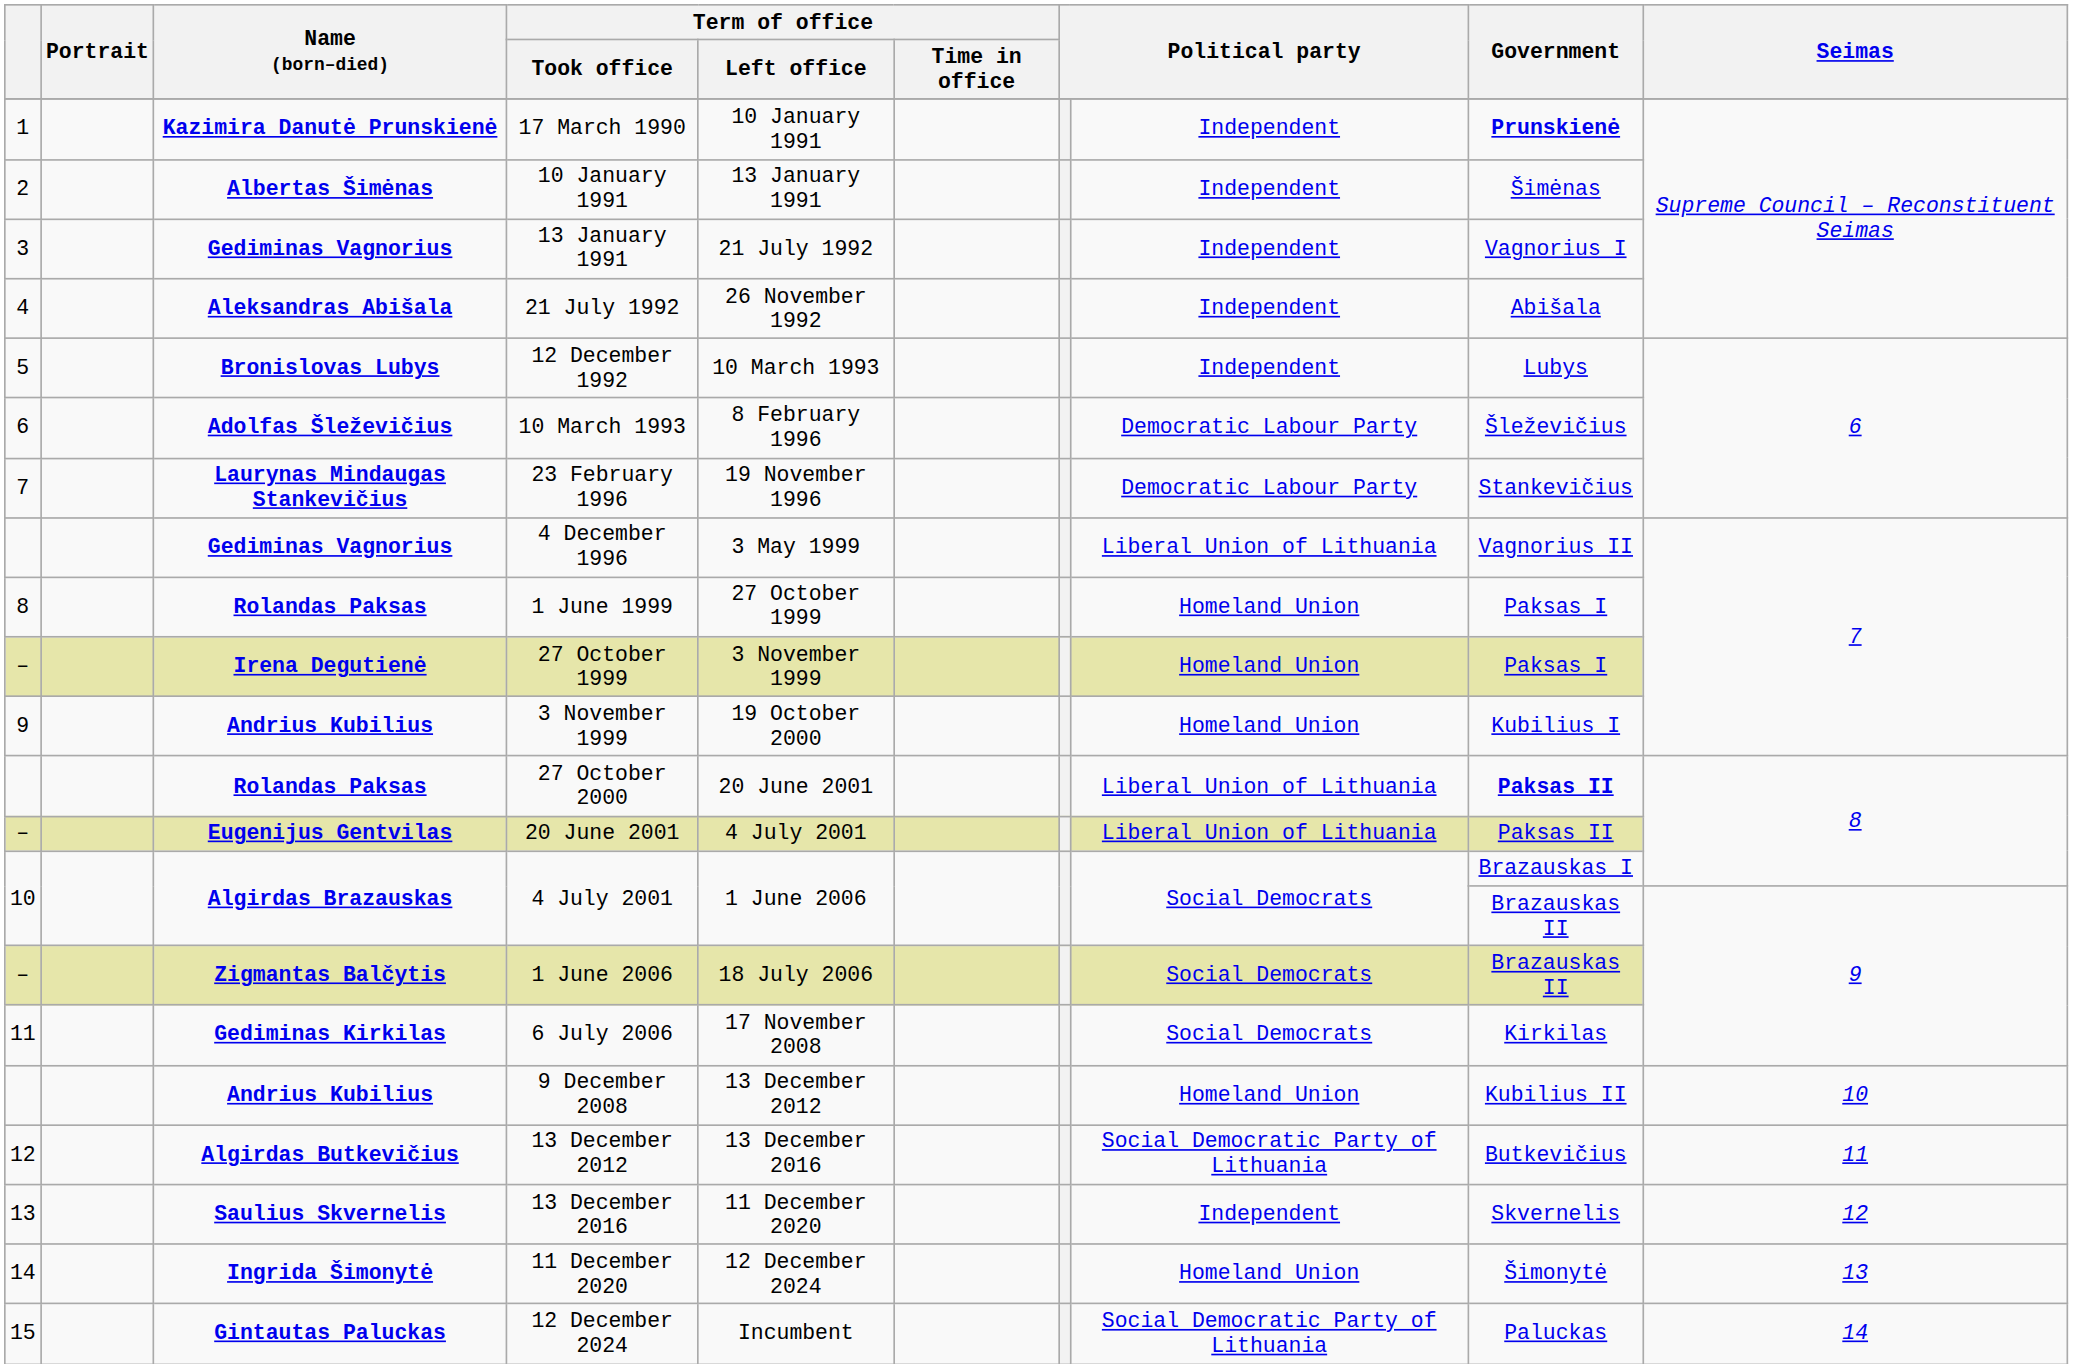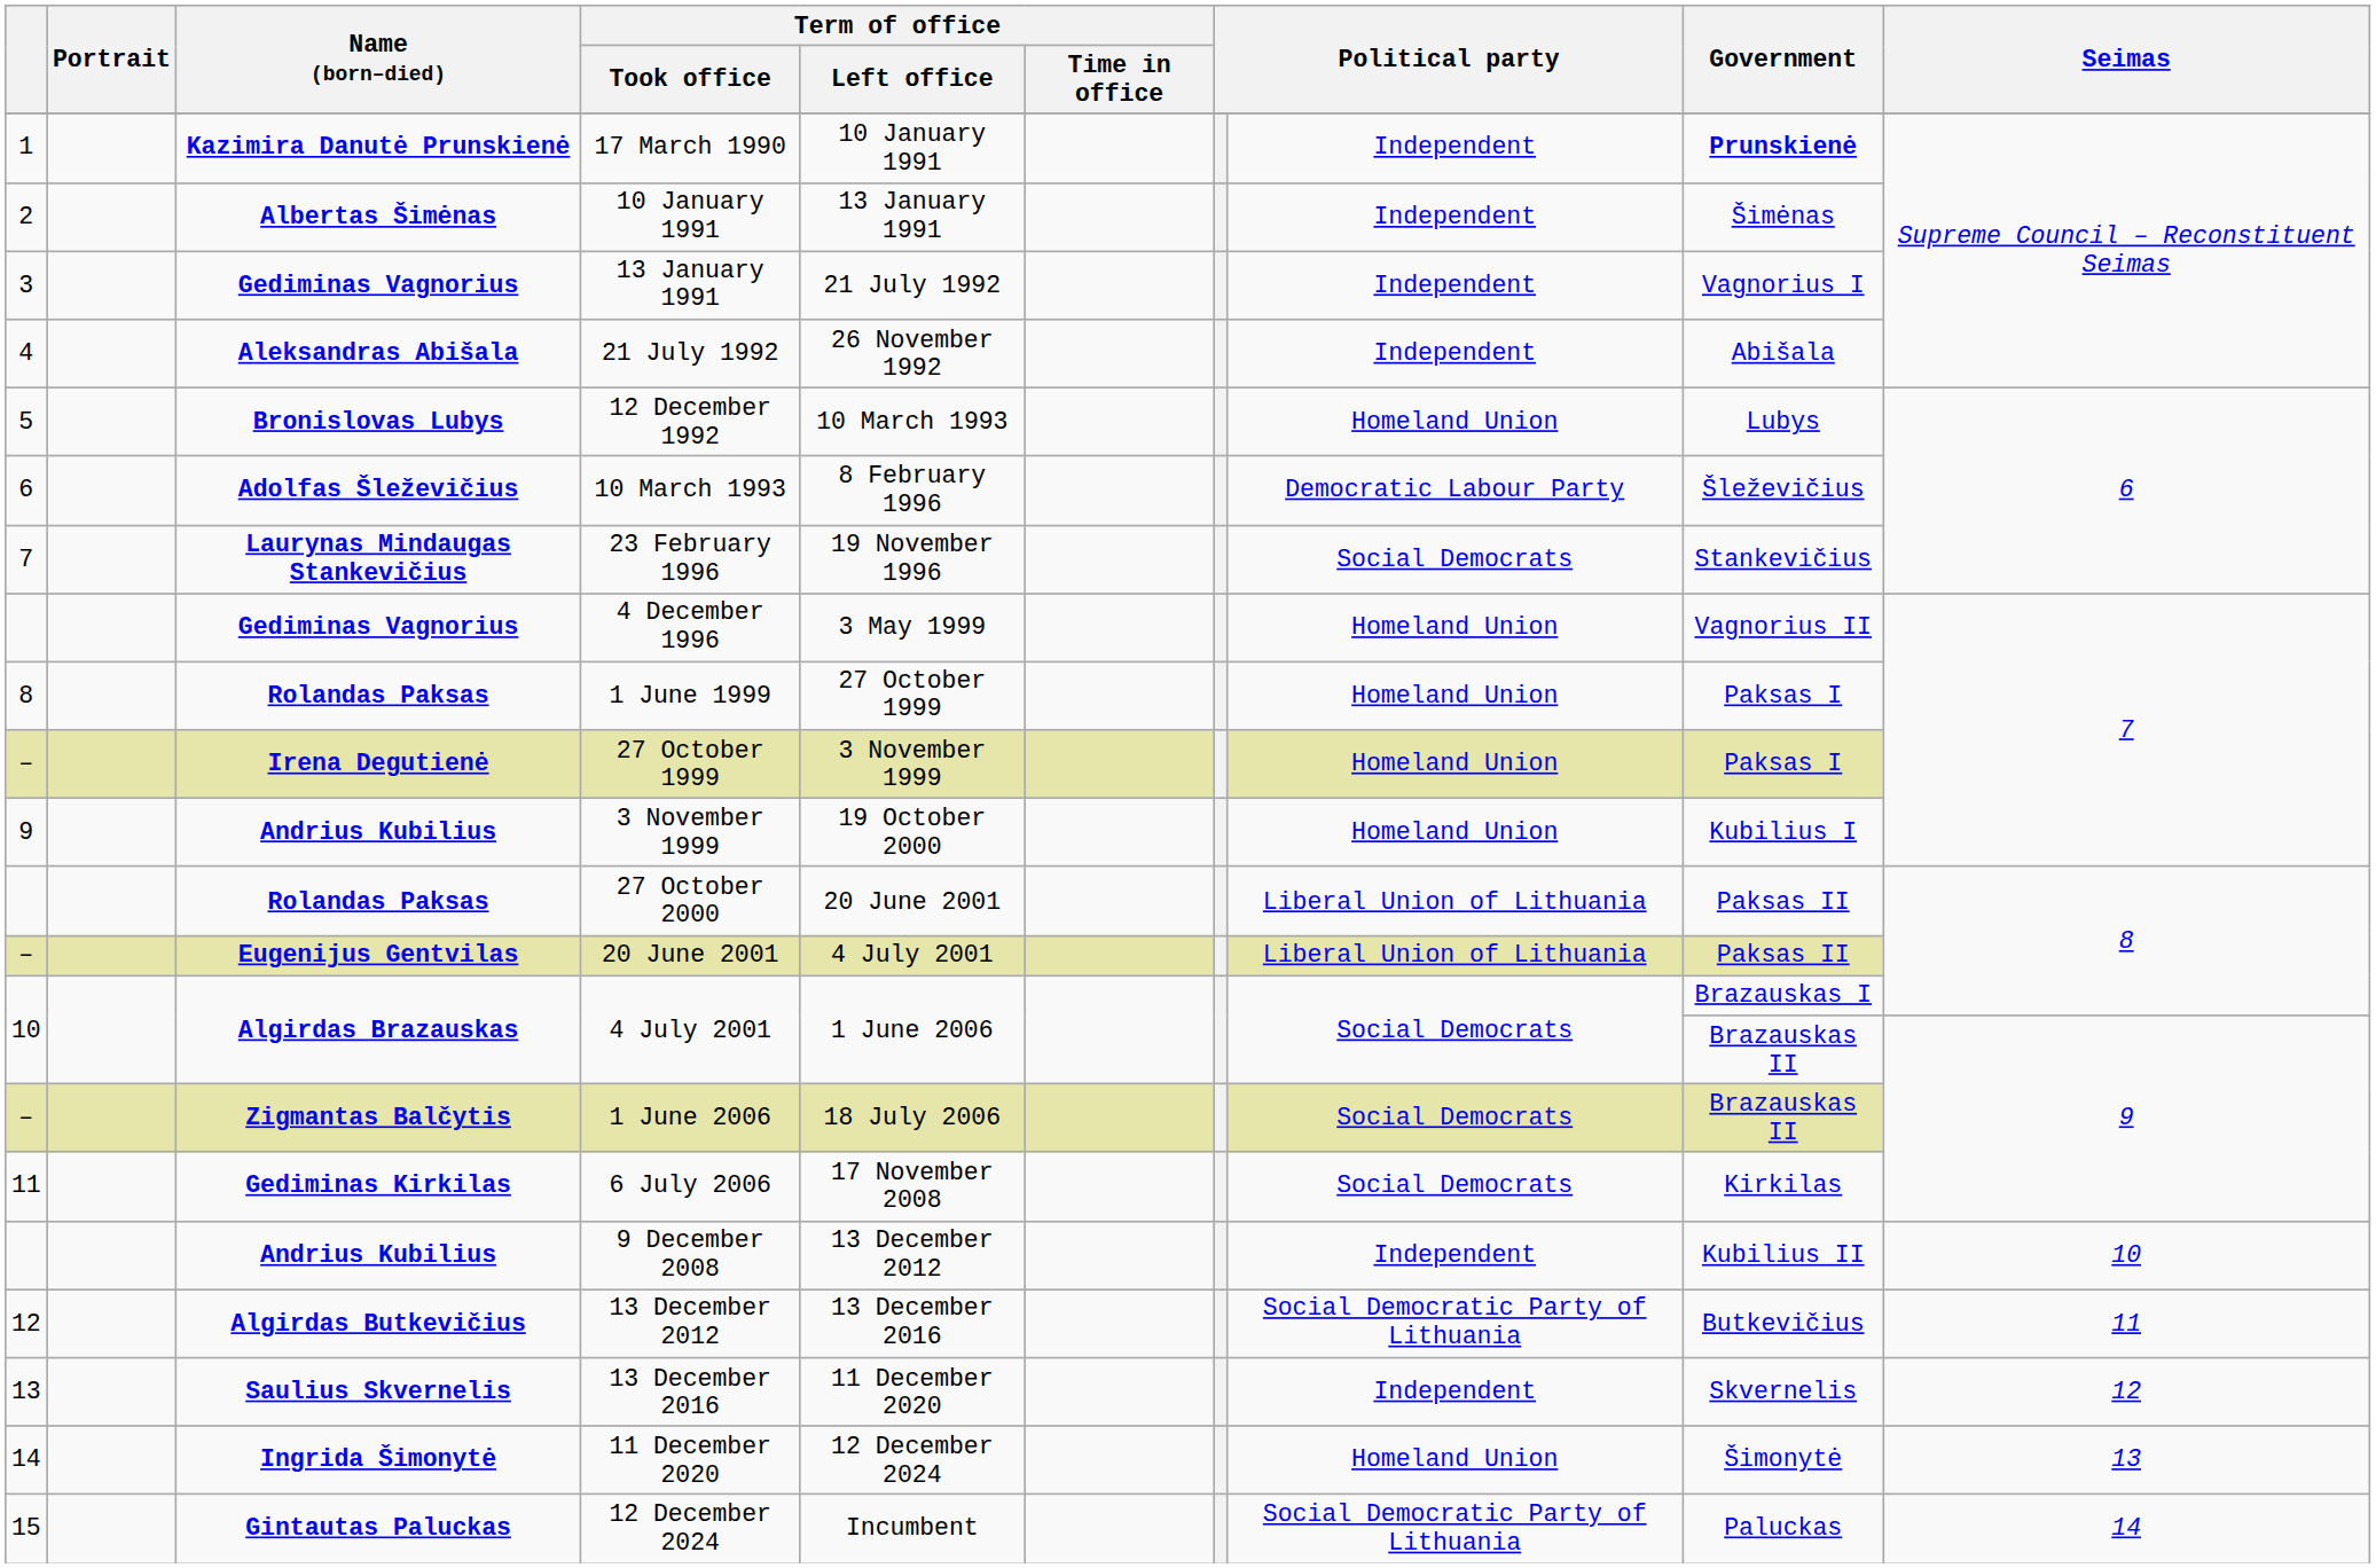 <table class="wikitable" style="text-align:center;">
 <tr>
 <th rowspan=2></th>
 <th rowspan=2>Portrait</th>
 <th rowspan=2>Name<br><small>(born–died)</small></th>
 <th colspan=3>Term of office</th>
 <th colspan=2 rowspan=2>Political party</th>
 <th rowspan=2>Government<br></th>
 <th rowspan=2><a href='#'>Seimas</a></th>
 </tr>
 <tr>
 <th>Took office</th>
 <th>Left office</th>
 <th>Time in office</th>
 </tr>
 <tr>
 </tr>
 <tr>
 <td>1</td>
 <td></td>
 <td><strong><a href='#'>Kazimira Danutė Prunskienė</a></strong><br></td>
 <td>17 March 1990</td>
 <td>10 January 1991</td>
 <td></td>
 <th style="background:"></th>
 <td><a href='#'>Independent</a><br></td>
 <td><strong><a href='#'>Prunskienė</a><br></strong></td>
 <td rowspan=4><em><a href='#'>Supreme Council – Reconstituent Seimas</a></em> </td>
 </tr>
 <tr>
 <td>2</td>
 <td></td>
 <td><strong><a href='#'>Albertas Šimėnas</a></strong><br></td>
 <td>10 January 1991</td>
 <td>13 January 1991</td>
 <td></td>
 <th style="background:"></th>
 <td><a href='#'>Independent</a><br></td>
 <td><a href='#'>Šimėnas</a><br></td>
 </tr>
 <tr>
 <td>3</td>
 <td></td>
 <td><strong><a href='#'>Gediminas Vagnorius</a></strong><br></td>
 <td>13 January 1991</td>
 <td>21 July 1992</td>
 <td></td>
 <th style="background:"></th>
 <td><a href='#'>Independent</a><br></td>
 <td><a href='#'>Vagnorius I</a><br></td>
 </tr>
 <tr>
 <td>4</td>
 <td></td>
 <td><strong><a href='#'>Aleksandras Abišala</a></strong><br></td>
 <td>21 July 1992</td>
 <td>26 November 1992</td>
 <td></td>
 <th style="background:"></th>
 <td><a href='#'>Independent</a><br></td>
 <td><a href='#'>Abišala</a><br></td>
 </tr>
 <tr>
 <td>5</td>
 <td></td>
 <td><strong><a href='#'>Bronislovas Lubys</a></strong><br></td>
 <td>12 December 1992</td>
 <td>10 March 1993</td>
 <td></td>
 <th style="background:"></th>
-<td><a href='#'>Independent</a><br></td>
+<td><a href='#'>Homeland Union</a><br></td>
 <td><a href='#'>Lubys</a><br></td>
 <td rowspan=3><em><a href='#'>6</a></em> </td>
 </tr>
 <tr>
 <td>6</td>
 <td></td>
 <td><strong><a href='#'>Adolfas Šleževičius</a></strong><br></td>
 <td>10 March 1993</td>
 <td>8 February 1996</td>
 <td></td>
 <th style="background:"></th>
 <td><a href='#'>Democratic Labour Party</a><br></td>
 <td><a href='#'>Šleževičius</a><br></td>
 </tr>
 <tr>
 <td>7</td>
 <td></td>
 <td><strong><a href='#'>Laurynas Mindaugas Stankevičius</a></strong><br></td>
 <td>23 February 1996</td>
 <td>19 November 1996</td>
 <td></td>
 <th style="background:"></th>
-<td><a href='#'>Democratic Labour Party</a><br></td>
+<td><a href='#'>Social Democrats</a><br></td>
 <td><a href='#'>Stankevičius</a><br></td>
 </tr>
 <tr>
 <td></td>
 <td></td>
 <td><strong><a href='#'>Gediminas Vagnorius</a></strong><br></td>
 <td>4 December 1996</td>
 <td>3 May 1999</td>
 <td></td>
 <th style="background:"></th>
-<td><a href='#'>Liberal Union of Lithuania</a><br></td>
+<td><a href='#'>Homeland Union</a><br></td>
 <td><a href='#'>Vagnorius II</a><br></td>
 <td rowspan=4><em><a href='#'>7</a></em> </td>
 </tr>
 <tr>
 <td>8</td>
 <td></td>
 <td><strong><a href='#'>Rolandas Paksas</a></strong><br></td>
 <td>1 June 1999</td>
 <td>27 October 1999</td>
 <td></td>
 <th style="background:"></th>
 <td><a href='#'>Homeland Union</a><br></td>
 <td><a href='#'>Paksas I</a><br></td>
 </tr>
 <tr style="background:#e6e6aa;">
 <td>–</td>
 <td></td>
 <td><strong><a href='#'>Irena Degutienė</a></strong><br></td>
 <td>27 October 1999</td>
 <td>3 November 1999</td>
 <td></td>
 <th style="background:"></th>
 <td><a href='#'>Homeland Union</a><br></td>
 <td><a href='#'>Paksas I</a><br></td>
 </tr>
 <tr>
 <td>9</td>
 <td></td>
 <td><strong><a href='#'>Andrius Kubilius</a></strong><br></td>
 <td>3 November 1999</td>
 <td>19 October 2000</td>
 <td></td>
 <th style="background:"></th>
 <td><a href='#'>Homeland Union</a><br></td>
 <td><a href='#'>Kubilius I</a><br></td>
 </tr>
 <tr>
 <td></td>
 <td></td>
 <td><strong><a href='#'>Rolandas Paksas</a></strong><br></td>
 <td>27 October 2000</td>
 <td>20 June 2001</td>
 <td></td>
 <th style="background:"></th>
 <td><a href='#'>Liberal Union of Lithuania</a><br></td>
-<td><strong><a href='#'>Paksas II</a><br></strong></td>
+<td><a href='#'>Paksas II</a><br></td>
 <td rowspan=3><em><a href='#'>8</a></em> </td>
 </tr>
 <tr style="background:#e6e6aa;">
 <td>–</td>
 <td></td>
 <td><strong><a href='#'>Eugenijus Gentvilas</a></strong><br></td>
 <td>20 June 2001</td>
 <td>4 July 2001</td>
 <td></td>
 <th style="background:"></th>
 <td><a href='#'>Liberal Union of Lithuania</a><br></td>
 <td><a href='#'>Paksas II</a><br></td>
 </tr>
 <tr>
 <td rowspan=2>10</td>
 <td rowspan=2></td>
 <td rowspan=2><strong><a href='#'>Algirdas Brazauskas</a></strong><br></td>
 <td rowspan=2>4 July 2001</td>
 <td rowspan=2>1 June 2006</td>
 <td rowspan=2></td>
 <th rowspan=2 style="background:"></th>
 <td rowspan=2><a href='#'>Social Democrats</a><br></td>
 <td rowspan=1><a href='#'>Brazauskas I</a><br></td>
 </tr>
 <tr>
 <td rowspan=1><a href='#'>Brazauskas II</a><br></td>
 <td rowspan=3><em><a href='#'>9</a></em> </td>
 </tr>
 <tr style="background:#e6e6aa;">
 <td>–</td>
 <td></td>
 <td><strong><a href='#'>Zigmantas Balčytis</a></strong><br></td>
 <td>1 June 2006</td>
 <td>18 July 2006</td>
 <td></td>
 <th style="background:"></th>
 <td><a href='#'>Social Democrats</a><br></td>
 <td><a href='#'>Brazauskas II</a><br></td>
 </tr>
 <tr>
 <td>11</td>
 <td></td>
 <td><strong><a href='#'>Gediminas Kirkilas</a></strong><br></td>
 <td>6 July 2006</td>
 <td>17 November 2008</td>
 <td></td>
 <th style="background:"></th>
 <td><a href='#'>Social Democrats</a><br></td>
 <td><a href='#'>Kirkilas</a><br></td>
 </tr>
 <tr>
 <td></td>
 <td></td>
 <td><strong><a href='#'>Andrius Kubilius</a></strong><br></td>
 <td>9 December 2008</td>
 <td>13 December 2012</td>
 <td></td>
 <th style="background:"></th>
-<td><a href='#'>Homeland Union</a><br></td>
+<td><a href='#'>Independent</a><br></td>
 <td><a href='#'>Kubilius II</a><br></td>
 <td><em><a href='#'>10</a></em> </td>
 </tr>
 <tr>
 <td>12</td>
 <td></td>
 <td><strong><a href='#'>Algirdas Butkevičius</a></strong><br></td>
 <td>13 December 2012</td>
 <td>13 December 2016</td>
 <td></td>
 <th style="background:"></th>
 <td><a href='#'>Social Democratic Party of Lithuania</a><br></td>
 <td><a href='#'>Butkevičius</a><br></td>
 <td><em><a href='#'>11</a></em> </td>
 </tr>
 <tr>
 <td>13</td>
 <td></td>
 <td><strong><a href='#'>Saulius Skvernelis</a></strong><br></td>
 <td>13 December 2016</td>
 <td>11 December 2020</td>
 <td></td>
 <th style="background:"></th>
 <td><a href='#'>Independent</a><br></td>
 <td><a href='#'>Skvernelis</a><br></td>
 <td><em><a href='#'>12</a></em> </td>
 </tr>
 <tr>
 <td>14</td>
 <td></td>
 <td><strong><a href='#'>Ingrida Šimonytė</a></strong><br></td>
 <td>11 December 2020</td>
 <td>12 December 2024</td>
 <td></td>
 <th style="background:"></th>
 <td><a href='#'>Homeland Union</a><br></td>
 <td><a href='#'>Šimonytė</a><br></td>
 <td><em><a href='#'>13</a></em> </td>
 </tr>
 <tr>
 <td>15</td>
 <td></td>
 <td><strong><a href='#'>Gintautas Paluckas</a></strong><br></td>
 <td>12 December 2024</td>
 <td>Incumbent</td>
 <td></td>
 <th style="background:"></th>
 <td><a href='#'>Social Democratic Party of Lithuania</a><br></td>
 <td><a href='#'>Paluckas</a><br></td>
 <td><em><a href='#'>14</a></em> </td>
 </tr>
 </table>
